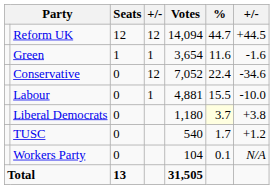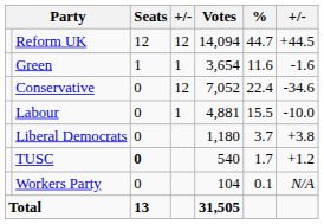 <table class="wikitable sortable">
 <tr>
 <th colspan="2">Party</th>
 <th>Seats</th>
 <th>+/-</th>
 <th>Votes</th>
 <th>%</th>
 <th>+/-</th>
 </tr>
 <tr>
 <td style="background-color: "></td>
 <td><a href='#'>Reform UK</a></td>
 <td>12</td>
 <td> 12</td>
 <td style="text-align:right;">14,094</td>
 <td style="text-align:right;">44.7</td>
 <td style="text-align:right;">+44.5</td>
 </tr>
 <tr>
 <td style="background-color: "></td>
 <td><a href='#'>Green</a></td>
 <td>1</td>
 <td> 1</td>
 <td style="text-align:right;"> 3,654</td>
 <td style="text-align:right;">11.6</td>
 <td style="text-align:right;">-1.6</td>
 </tr>
 <tr>
 <td style="background-color: "></td>
 <td><a href='#'>Conservative</a></td>
 <td>0</td>
 <td> 12</td>
 <td style="text-align:right;">7,052</td>
 <td style="text-align:right;">22.4</td>
 <td style="text-align:right;">-34.6</td>
 </tr>
 <tr>
 <td style="background-color: "></td>
 <td><a href='#'>Labour</a></td>
 <td>0</td>
 <td> 1</td>
 <td style="text-align:right;">4,881</td>
 <td style="text-align:right;">15.5</td>
 <td style="text-align:right;">-10.0</td>
 </tr>
 <tr>
 <td style="background-color: "></td>
 <td><a href='#'>Liberal Democrats</a></td>
 <td>0</td>
 <td></td>
 <td style="text-align:right;">1,180</td>
-<td style="background: lightyellow; text-align:right;">3.7</td>
+<td style="text-align:right;">3.7</td>
 <td style="text-align:right;">+3.8</td>
 </tr>
 <tr>
 <td style="background-color: "></td>
 <td><a href='#'>TUSC</a></td>
-<td>0</td>
+<td><strong>0</strong></td>
 <td></td>
 <td style="text-align:right;">540</td>
 <td style="text-align:right;">1.7</td>
 <td style="text-align:right;">+1.2</td>
 </tr>
 <tr>
 <td style="background-color: "></td>
 <td><a href='#'>Workers Party</a></td>
 <td>0</td>
 <td></td>
 <td style="text-align:right;">104</td>
 <td style="text-align:right;">0.1</td>
 <td style="text-align:right;"><em>N/A</em></td>
 </tr>
 <tr>
 <td colspan="2"><strong>Total</strong></td>
 <td><strong>13</strong></td>
 <td></td>
 <td style="text-align:right;"><strong>31,505</strong></td>
 <td style="text-align:right;"></td>
 <td style="text-align:right;"></td>
 </tr>
 </table>
